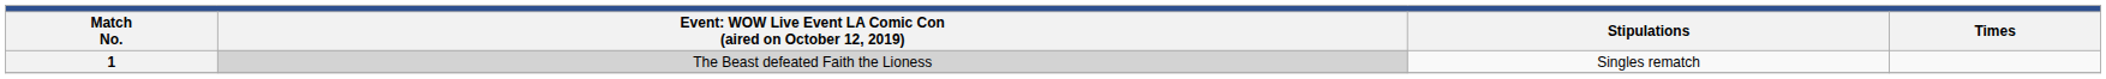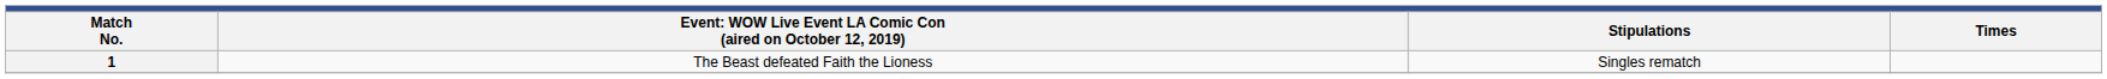 <table class="wikitable" style="font-size:85%; text-align:center; width:100%;">
 <tr>
 <td colspan="4" style="background:#2e5090;"></td>
 </tr>
 <tr>
 <th>Match <br>No.</th>
 <th>Event: WOW Live Event LA Comic Con<br>(aired on October 12, 2019)</th>
 <th>Stipulations</th>
 <th>Times</th>
 </tr>
 <tr>
 <th>1</th>
-<td style="background: lightgrey;">The Beast defeated Faith the Lioness</td>
+<td>The Beast defeated Faith the Lioness</td>
 <td>Singles rematch</td>
 <td></td>
 </tr>
 <tr>
 </tr>
 </table>
